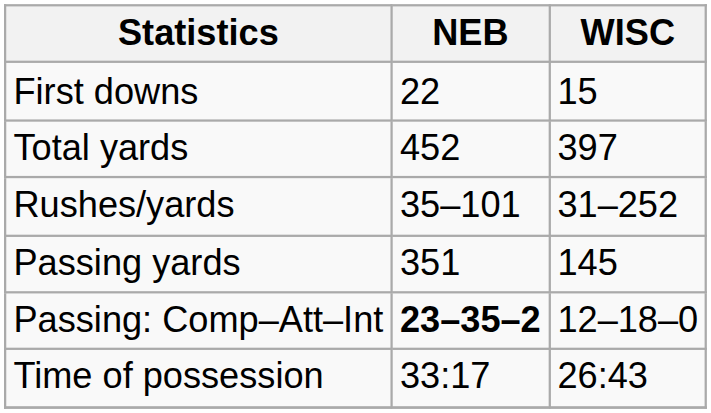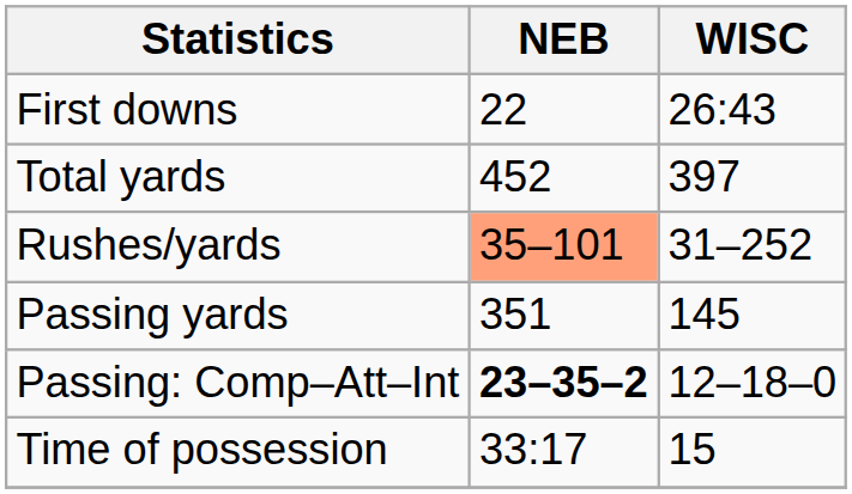 <table class="wikitable" style="float: left;">
 <tr>
 <th>Statistics</th>
 <th>NEB</th>
 <th>WISC</th>
 </tr>
 <tr>
 <td>First downs</td>
 <td>22</td>
-<td>15</td>
+<td>26:43</td>
 </tr>
 <tr>
 <td>Total yards</td>
 <td>452</td>
 <td>397</td>
 </tr>
 <tr>
 <td>Rushes/yards</td>
-<td>35–101</td>
+<td style="background: lightsalmon;">35–101</td>
 <td>31–252</td>
 </tr>
 <tr>
 <td>Passing yards</td>
 <td>351</td>
 <td>145</td>
 </tr>
 <tr>
 <td>Passing: Comp–Att–Int</td>
 <td><strong>23–35–2</strong></td>
 <td>12–18–0</td>
 </tr>
 <tr>
 <td>Time of possession</td>
 <td>33:17</td>
-<td>26:43</td>
+<td>15</td>
 </tr>
 <tr>
 </tr>
 </table>
